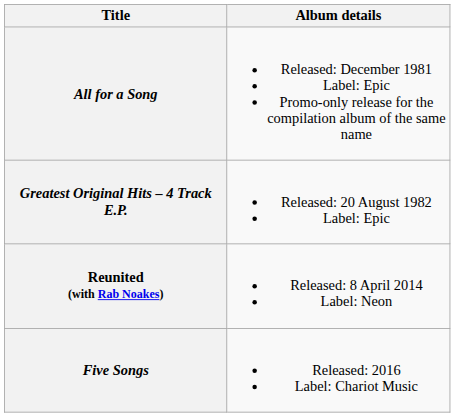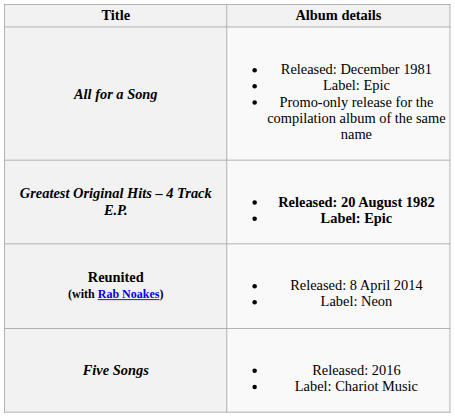 <table class="wikitable plainrowheaders" style="text-align:center;">
 <tr>
 <th scope="col" style="width:15em;">Title</th>
 <th scope="col" style="width:15em;">Album details</th>
 </tr>
 <tr>
 <th scope="row"><em>All for a Song</em></th>
 <td><br><ul><li>Released: December 1981</li><li>Label: Epic</li><li>Promo-only release for the compilation album of the same name</li></ul></td>
 </tr>
 <tr>
 <th scope="row"><em>Greatest Original Hits – 4 Track E.P.</em></th>
-<td><br><ul><li>Released: 20 August 1982</li><li>Label: Epic</li></ul></td>
+<td><strong><br><ul><li>Released: 20 August 1982</li><li>Label: Epic</li></ul></strong></td>
 </tr>
 <tr>
 <th scope="row">Reunited<br><small>(with <a href='#'>Rab Noakes</a>)</small></th>
 <td><br><ul><li>Released: 8 April 2014</li><li>Label: Neon</li></ul></td>
 </tr>
 <tr>
 <th scope="row"><em>Five Songs</em></th>
 <td><br><ul><li>Released: 2016</li><li>Label: Chariot Music</li></ul></td>
 </tr>
 </table>
